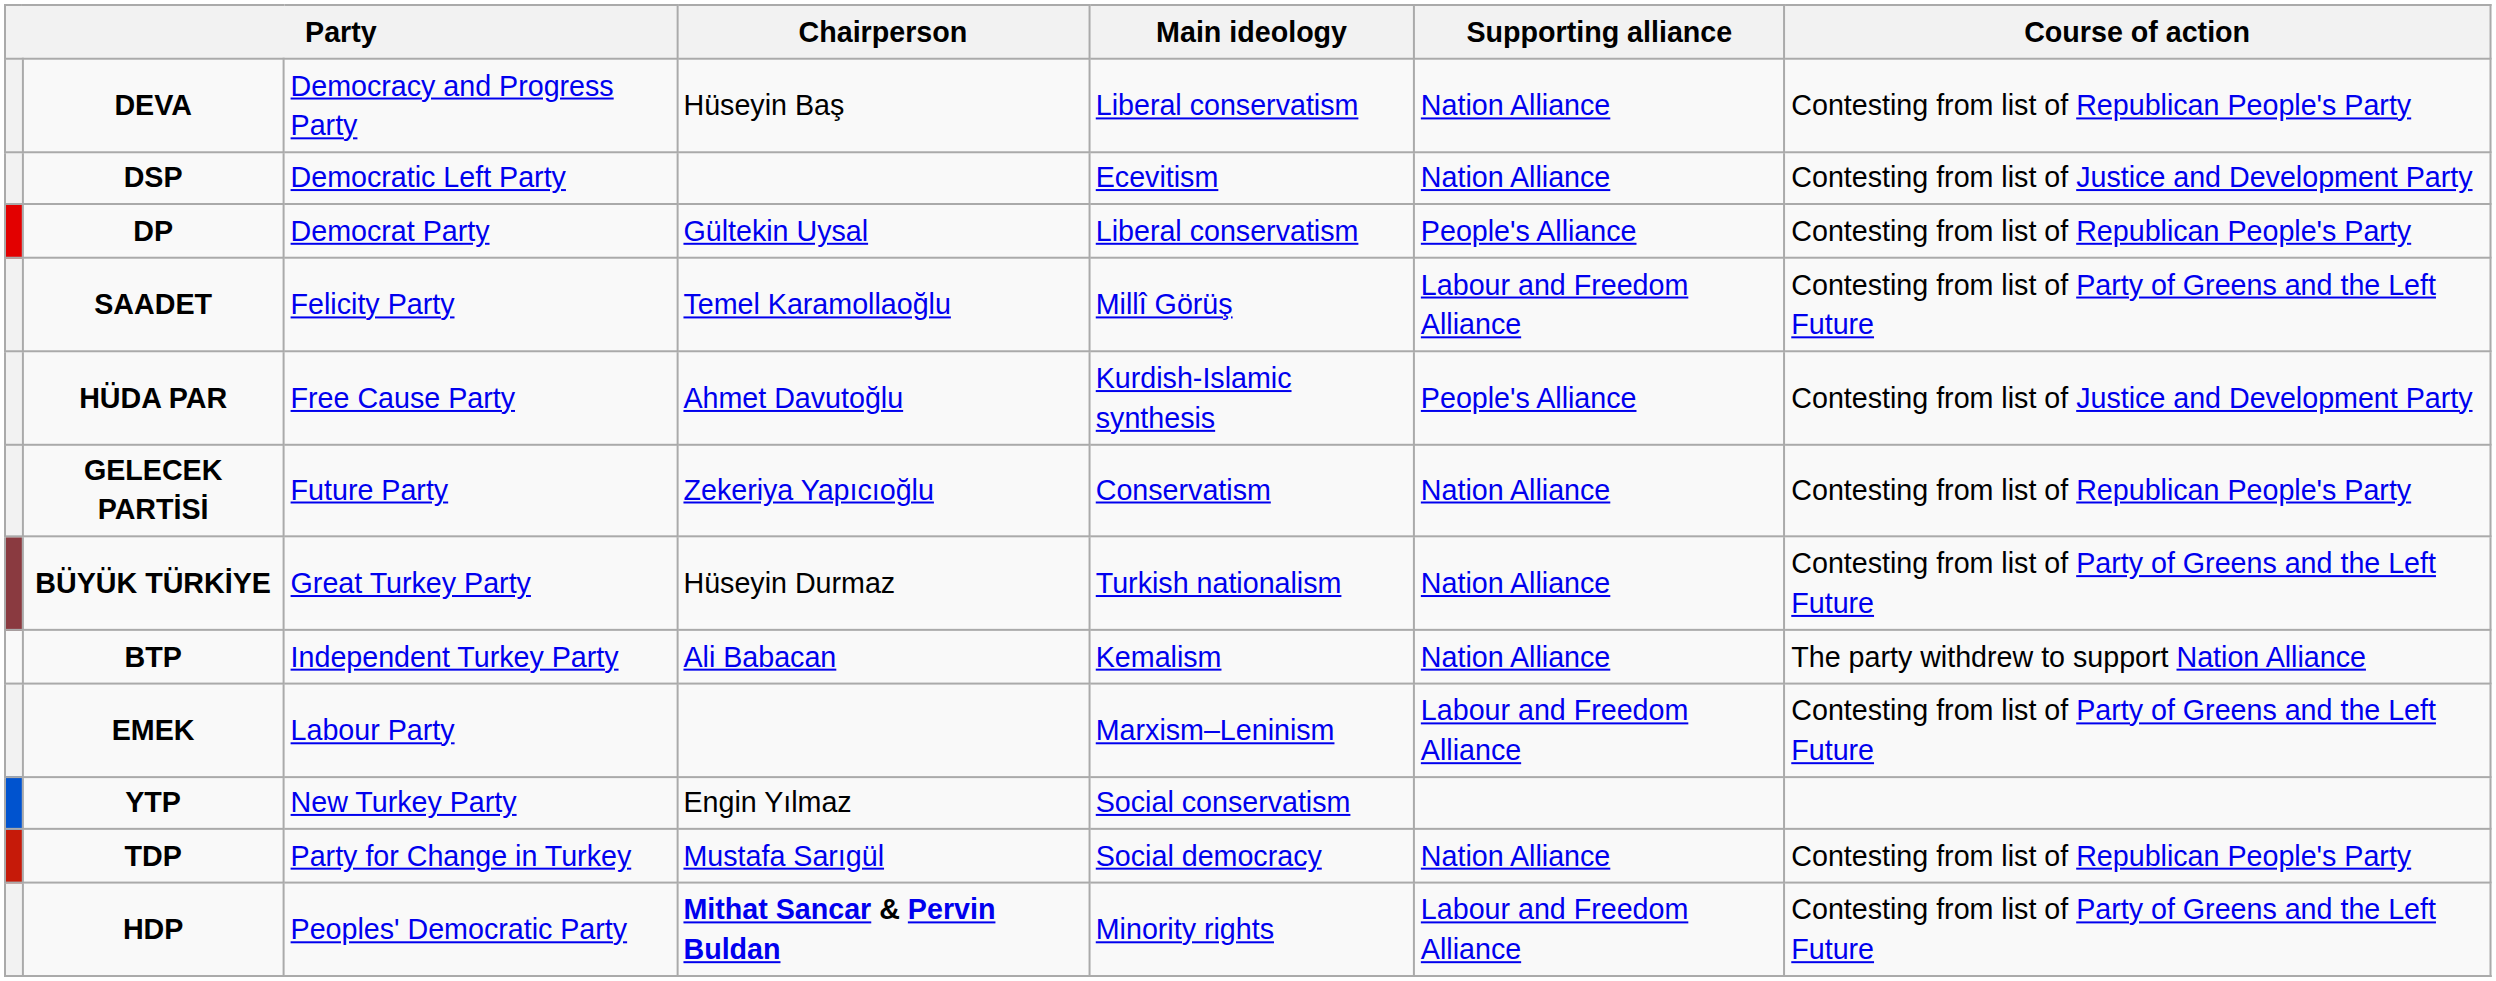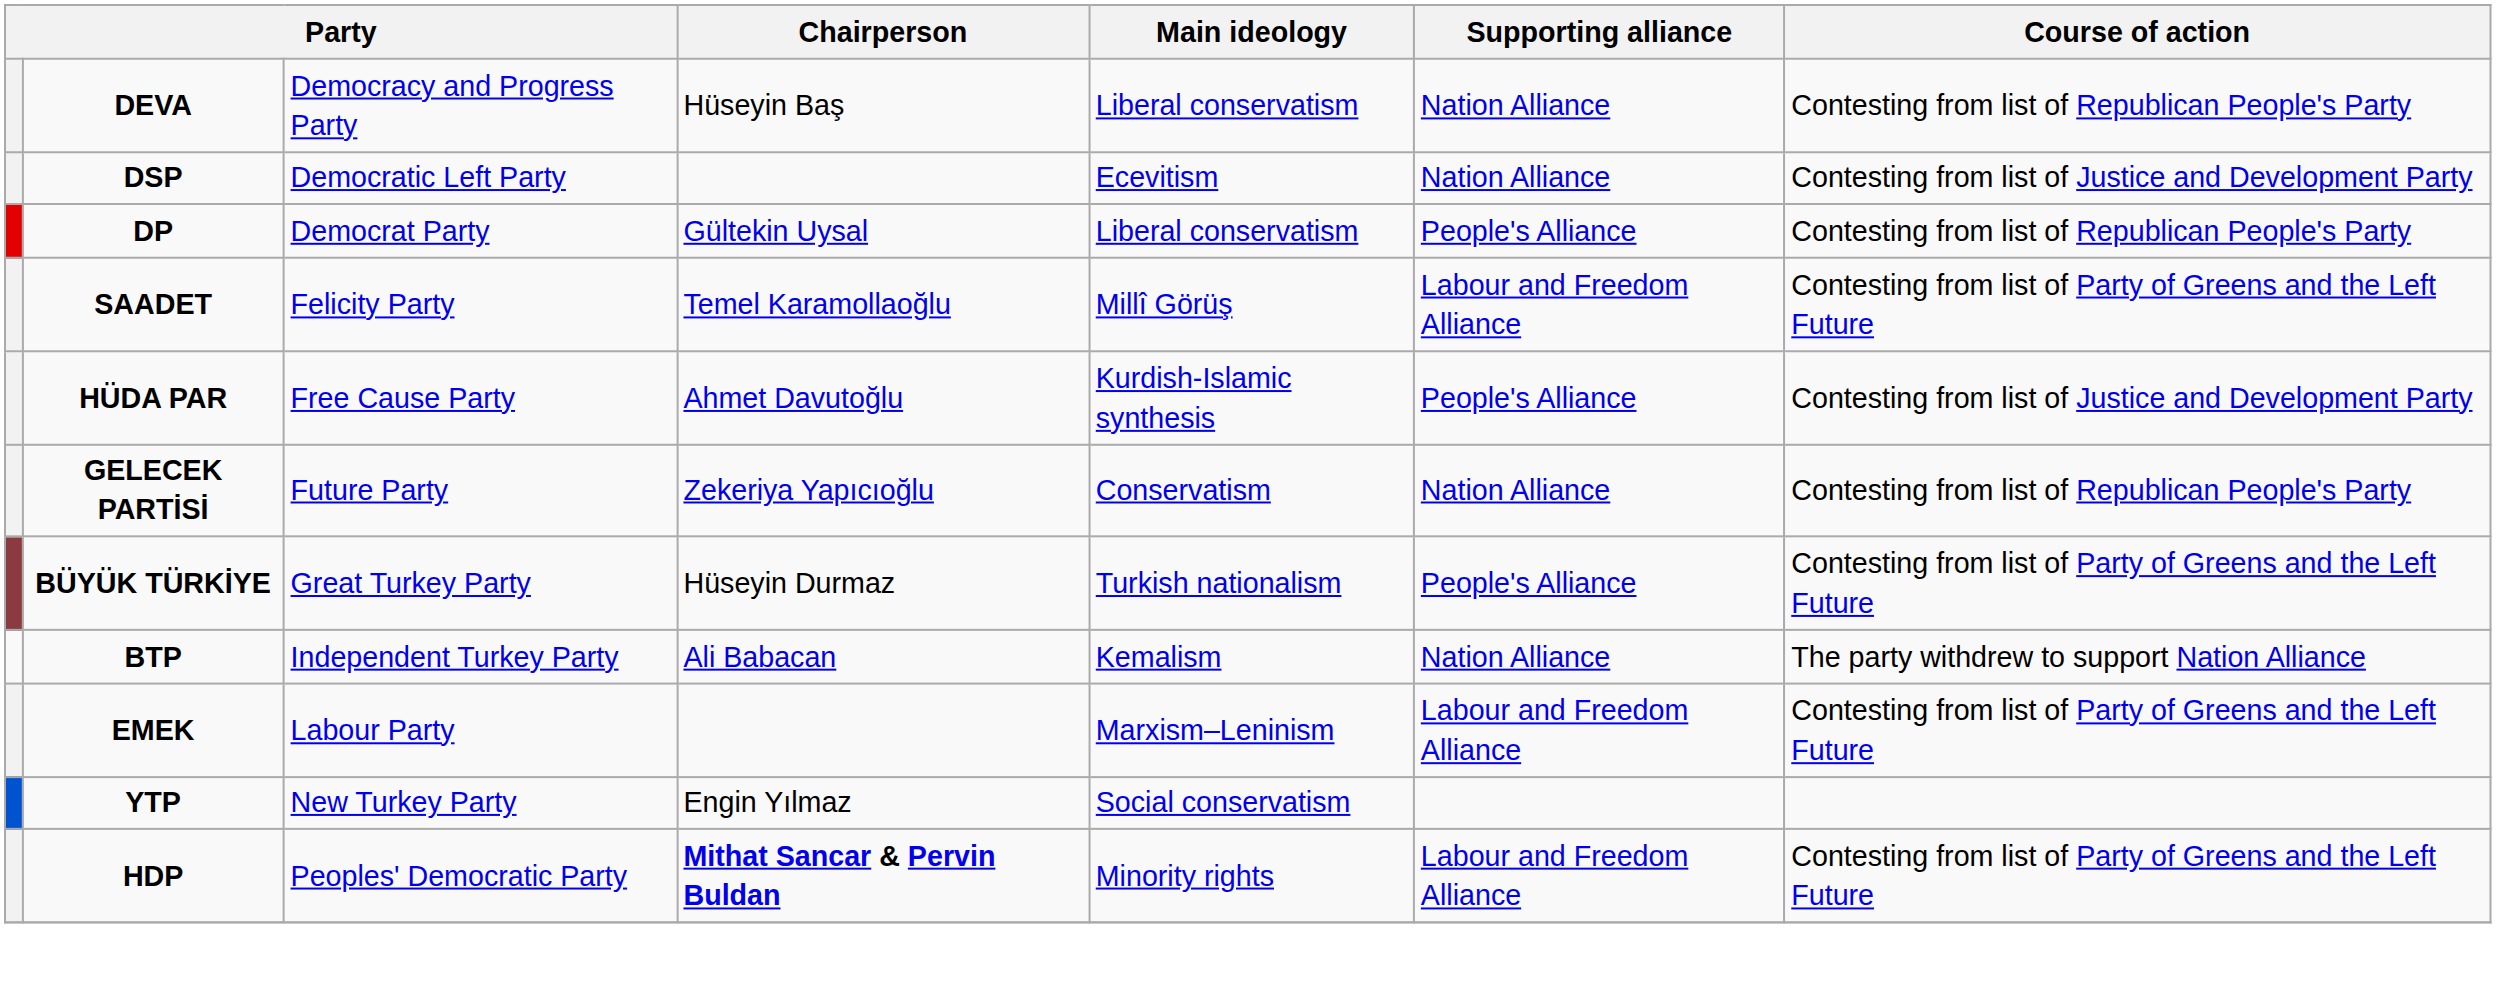 <table class="wikitable" style="text-align:left; font-size:90%; line-height:20px;">
 <tr>
 <th colspan="3">Party</th>
 <th>Chairperson</th>
 <th>Main ideology</th>
 <th>Supporting alliance</th>
 <th>Course of action</th>
 </tr>
 <tr>
 <th style="background:"></th>
 <td style="text-align:center;"><strong>DEVA</strong></td>
 <td><a href='#'>Democracy and Progress Party</a></td>
 <td>Hüseyin Baş</td>
 <td><a href='#'>Liberal conservatism</a></td>
 <td><a href='#'>Nation Alliance</a></td>
 <td>Contesting from list of <a href='#'>Republican People's Party</a></td>
 </tr>
 <tr>
 <th style="background:"></th>
 <td style="text-align:center;"><strong>DSP</strong></td>
 <td><a href='#'>Democratic Left Party</a></td>
 <td></td>
 <td><a href='#'>Ecevitism</a></td>
 <td><a href='#'>Nation Alliance</a></td>
 <td>Contesting from list of <a href='#'>Justice and Development Party</a></td>
 </tr>
 <tr>
 <th style="background:#e30000; width:2px;"></th>
 <td style="text-align:center;"><strong>DP</strong></td>
 <td><a href='#'>Democrat Party</a></td>
 <td><a href='#'>Gültekin Uysal</a></td>
 <td><a href='#'>Liberal conservatism</a></td>
 <td><a href='#'>People's Alliance</a></td>
 <td>Contesting from list of <a href='#'>Republican People's Party</a></td>
 </tr>
 <tr>
 <th style="background:"></th>
 <td style="text-align:center;"><strong>SAADET</strong></td>
 <td><a href='#'>Felicity Party</a></td>
 <td><a href='#'>Temel Karamollaoğlu</a></td>
 <td><a href='#'>Millî Görüş</a></td>
 <td><a href='#'>Labour and Freedom Alliance</a></td>
 <td>Contesting from list of <a href='#'>Party of Greens and the Left Future</a></td>
 </tr>
 <tr>
 <th style="background:"></th>
 <td style="text-align:center;"><strong>HÜDA PAR</strong></td>
 <td><a href='#'>Free Cause Party</a></td>
 <td><a href='#'>Ahmet Davutoğlu</a></td>
 <td><a href='#'>Kurdish-Islamic synthesis</a></td>
 <td><a href='#'>People's Alliance</a></td>
 <td>Contesting from list of <a href='#'>Justice and Development Party</a></td>
 </tr>
 <tr>
 <th style="background:"></th>
 <td style="text-align:center;"><strong>GELECEK PARTİSİ</strong></td>
 <td><a href='#'>Future Party</a></td>
 <td><a href='#'>Zekeriya Yapıcıoğlu</a></td>
 <td><a href='#'>Conservatism</a></td>
 <td><a href='#'>Nation Alliance</a></td>
 <td>Contesting from list of <a href='#'>Republican People's Party</a></td>
 </tr>
 <tr>
 <th style="background:#8a3a40; width:2px;"></th>
 <td style="text-align:center;"><strong>BÜYÜK TÜRKİYE</strong></td>
 <td><a href='#'>Great Turkey Party</a></td>
 <td>Hüseyin Durmaz</td>
 <td><a href='#'>Turkish nationalism</a></td>
-<td><a href='#'>Nation Alliance</a></td>
+<td><a href='#'>People's Alliance</a></td>
 <td>Contesting from list of <a href='#'>Party of Greens and the Left Future</a></td>
 </tr>
 <tr>
 <td style="background:"></td>
 <td style="text-align:center;"><strong>BTP</strong></td>
 <td><a href='#'>Independent Turkey Party</a></td>
 <td><a href='#'>Ali Babacan</a></td>
 <td><a href='#'>Kemalism</a></td>
 <td><a href='#'>Nation Alliance</a></td>
 <td>The party withdrew to support <a href='#'>Nation Alliance</a></td>
 </tr>
 <tr>
 <th style="background:"></th>
 <td style="text-align:center;"><strong>EMEK</strong></td>
 <td><a href='#'>Labour Party</a></td>
 <td></td>
 <td><a href='#'>Marxism–Leninism</a></td>
 <td><a href='#'>Labour and Freedom Alliance</a></td>
 <td>Contesting from list of <a href='#'>Party of Greens and the Left Future</a></td>
 </tr>
 <tr>
 <th style="background:#0053CF; width:2px;"></th>
 <td style="text-align:center;"><strong>YTP</strong></td>
 <td><a href='#'>New Turkey Party</a></td>
 <td>Engin Yılmaz</td>
 <td><a href='#'>Social conservatism</a></td>
 <td></td>
 <td></td>
 </tr>
 <tr>
-<th style="background:#c61a09; width:2px;"></th>
-<td style="text-align:center;"><strong>TDP</strong></td>
-<td><a href='#'>Party for Change in Turkey</a></td>
-<td><a href='#'>Mustafa Sarıgül</a></td>
-<td><a href='#'>Social democracy</a></td>
-<td><a href='#'>Nation Alliance</a></td>
-<td>Contesting from list of <a href='#'>Republican People's Party</a></td>
-</tr>
-<tr>
 <th style="background:"></th>
 <td style="text-align:center;"><strong>HDP</strong></td>
 <td><a href='#'>Peoples' Democratic Party</a></td>
 <td><strong><a href='#'>Mithat Sancar</a> & <a href='#'>Pervin Buldan</a></strong></td>
 <td><a href='#'>Minority rights</a></td>
 <td><a href='#'>Labour and Freedom Alliance</a></td>
 <td>Contesting from list of <a href='#'>Party of Greens and the Left Future</a></td>
 </tr>
 <tr>
 </tr>
 </table>
